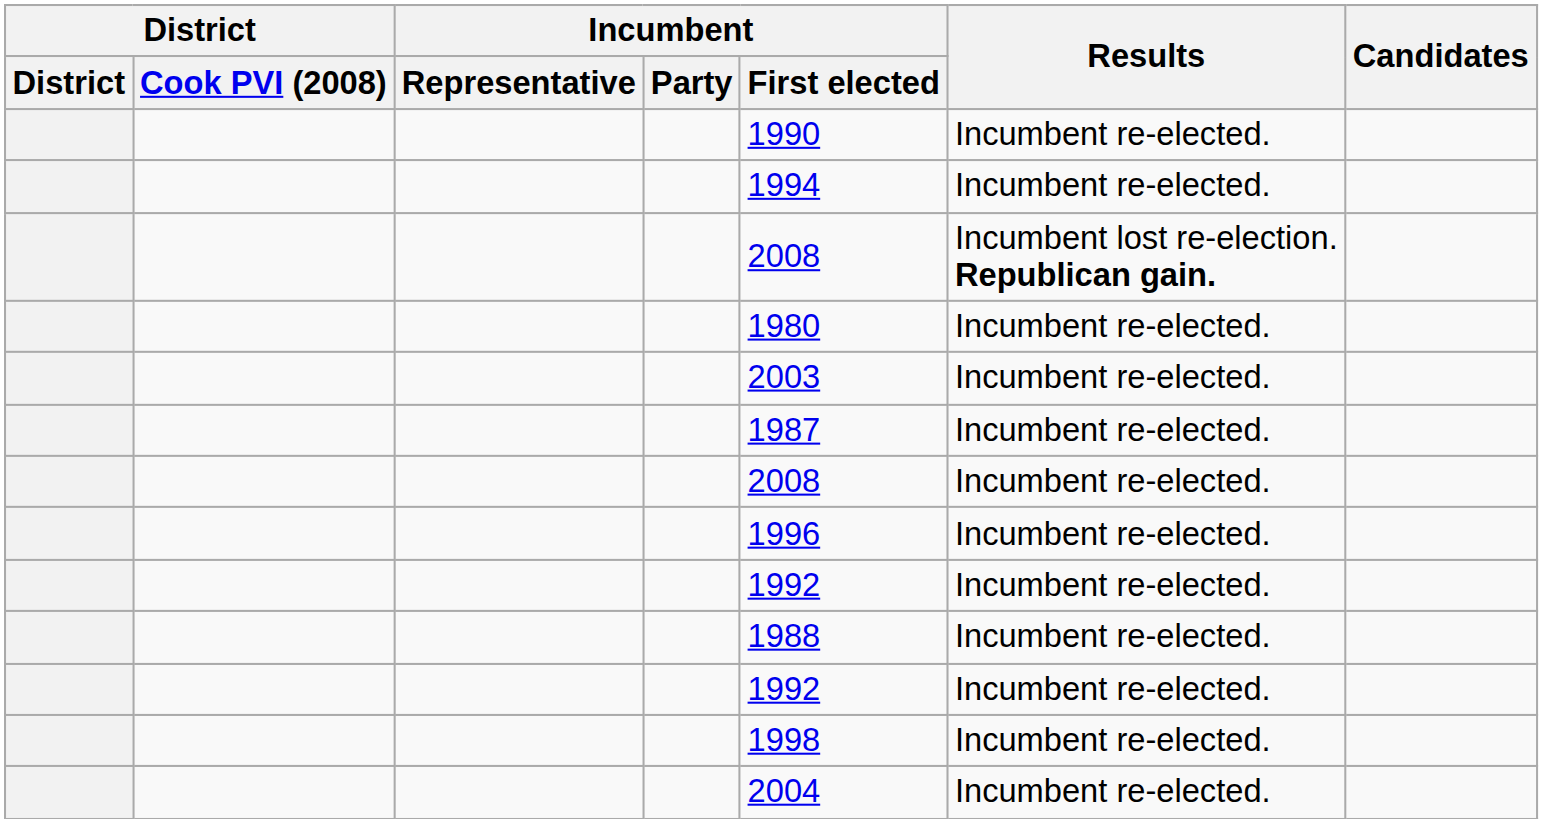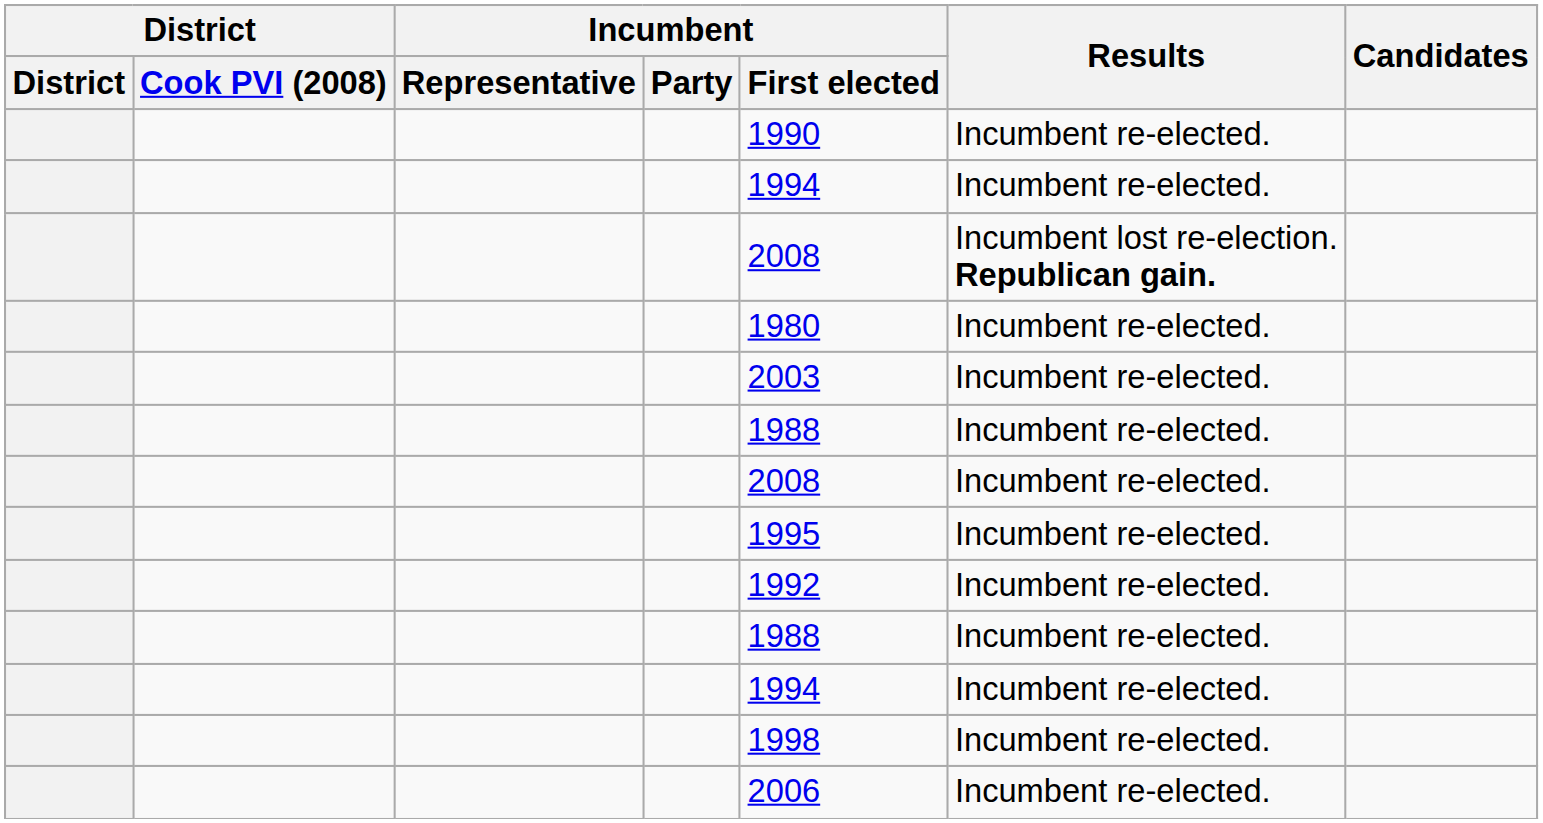 <table class="wikitable sortable">
 <tr>
 <th colspan=2>District</th>
 <th colspan=3>Incumbent</th>
 <th rowspan=2>Results</th>
 <th rowspan=2>Candidates</th>
 </tr>
 <tr valign=bottom>
 <th>District</th>
 <th><a href='#'>Cook PVI</a> (2008)</th>
 <th>Representative</th>
 <th>Party</th>
 <th>First elected</th>
 </tr>
 <tr>
 <th></th>
 <td></td>
 <td></td>
 <td></td>
 <td><a href='#'>1990</a></td>
 <td>Incumbent re-elected.</td>
 <td nowrap><br></td>
 </tr>
 <tr>
 <th></th>
 <td></td>
 <td></td>
 <td></td>
 <td><a href='#'>1994</a></td>
 <td>Incumbent re-elected.</td>
 <td nowrap><br></td>
 </tr>
 <tr>
 <th></th>
 <td></td>
 <td></td>
 <td></td>
 <td><a href='#'>2008</a></td>
 <td>Incumbent lost re-election.<br><strong>Republican gain.</strong></td>
 <td nowrap><br></td>
 </tr>
 <tr>
 <th></th>
 <td></td>
 <td></td>
 <td></td>
 <td><a href='#'>1980</a></td>
 <td>Incumbent re-elected.</td>
 <td nowrap><br></td>
 </tr>
 <tr>
 <th></th>
 <td></td>
 <td></td>
 <td></td>
 <td><a href='#'>2003</a></td>
 <td>Incumbent re-elected.</td>
 <td nowrap><br></td>
 </tr>
 <tr>
 <th></th>
 <td></td>
 <td></td>
 <td></td>
-<td><a href='#'>1987</a></td>
+<td><a href='#'>1988</a></td>
 <td>Incumbent re-elected.</td>
 <td nowrap><br></td>
 </tr>
 <tr>
 <th></th>
 <td></td>
 <td></td>
 <td></td>
 <td><a href='#'>2008</a></td>
 <td>Incumbent re-elected.</td>
 <td nowrap></td>
 </tr>
 <tr>
 <th></th>
 <td></td>
 <td></td>
 <td></td>
-<td><a href='#'>1996</a></td>
+<td><a href='#'>1995</a></td>
 <td>Incumbent re-elected.</td>
 <td nowrap></td>
 </tr>
 <tr>
 <th></th>
 <td></td>
 <td></td>
 <td></td>
 <td><a href='#'>1992</a></td>
 <td>Incumbent re-elected.</td>
 <td nowrap></td>
 </tr>
 <tr>
 <th></th>
 <td></td>
 <td></td>
 <td></td>
 <td><a href='#'>1988</a></td>
 <td>Incumbent re-elected.</td>
 <td nowrap></td>
 </tr>
 <tr>
 <th></th>
 <td></td>
 <td></td>
 <td></td>
-<td><a href='#'>1992</a></td>
+<td><a href='#'>1994</a></td>
 <td>Incumbent re-elected.</td>
 <td nowrap></td>
 </tr>
 <tr>
 <th></th>
 <td></td>
 <td></td>
 <td></td>
 <td><a href='#'>1998</a></td>
 <td>Incumbent re-elected.</td>
 <td nowrap></td>
 </tr>
 <tr>
 <th></th>
 <td></td>
 <td></td>
 <td></td>
-<td><a href='#'>2004</a></td>
+<td><a href='#'>2006</a></td>
 <td>Incumbent re-elected.</td>
 <td nowrap></td>
 </tr>
 </table>
